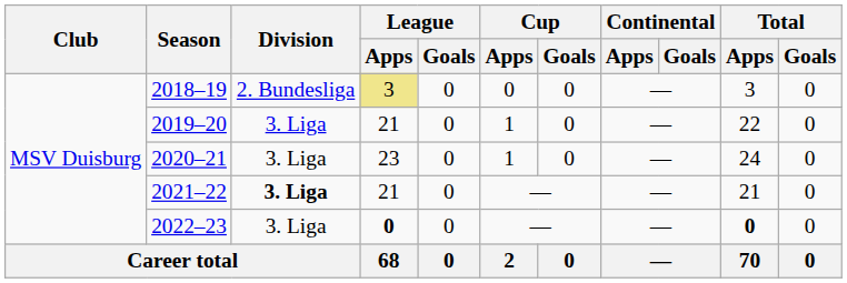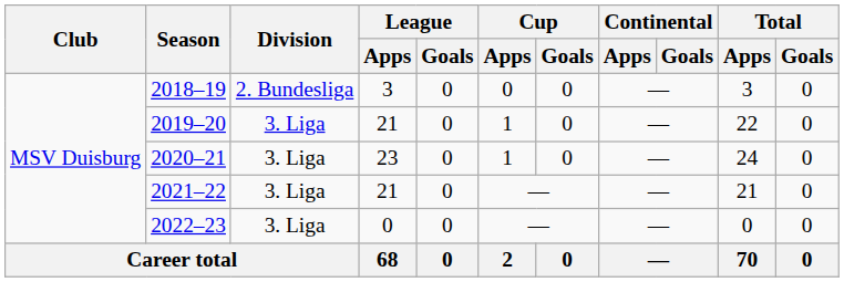 <table class="wikitable" style="text-align:center">
 <tr>
 <th rowspan="2">Club</th>
 <th rowspan="2">Season</th>
 <th rowspan="2">Division</th>
 <th colspan="2">League</th>
 <th colspan="2">Cup</th>
 <th colspan="2">Continental</th>
 <th colspan="2">Total</th>
 </tr>
 <tr>
 <th>Apps</th>
 <th>Goals</th>
 <th>Apps</th>
 <th>Goals</th>
 <th>Apps</th>
 <th>Goals</th>
 <th>Apps</th>
 <th>Goals</th>
 </tr>
 <tr>
 <td rowspan="5"><a href='#'>MSV Duisburg</a></td>
 <td><a href='#'>2018–19</a></td>
 <td><a href='#'>2. Bundesliga</a></td>
-<td style="background: khaki;">3</td>
+<td>3</td>
 <td>0</td>
 <td>0</td>
 <td>0</td>
 <td colspan="2">—</td>
 <td>3</td>
 <td>0</td>
 </tr>
 <tr>
 <td><a href='#'>2019–20</a></td>
 <td><a href='#'>3. Liga</a></td>
 <td>21</td>
 <td>0</td>
 <td>1</td>
 <td>0</td>
 <td colspan="2">—</td>
 <td>22</td>
 <td>0</td>
 </tr>
 <tr>
 <td><a href='#'>2020–21</a></td>
 <td>3. Liga</td>
 <td>23</td>
 <td>0</td>
 <td>1</td>
 <td>0</td>
 <td colspan="2">—</td>
 <td>24</td>
 <td>0</td>
 </tr>
 <tr>
 <td><a href='#'>2021–22</a></td>
-<td><strong>3. Liga</strong></td>
+<td>3. Liga</td>
 <td>21</td>
 <td>0</td>
 <td colspan="2">—</td>
 <td colspan="2">—</td>
 <td>21</td>
 <td>0</td>
 </tr>
 <tr>
 <td><a href='#'>2022–23</a></td>
 <td>3. Liga</td>
-<td><strong>0</strong></td>
+<td>0</td>
 <td>0</td>
 <td colspan="2">—</td>
 <td colspan="2">—</td>
-<td><strong>0</strong></td>
+<td>0</td>
 <td>0</td>
 </tr>
 <tr>
 <th colspan="3">Career total</th>
 <th>68</th>
 <th>0</th>
 <th>2</th>
 <th>0</th>
 <th colspan="2">—</th>
 <th>70</th>
 <th>0</th>
 </tr>
 </table>
